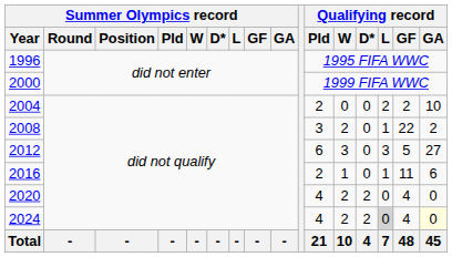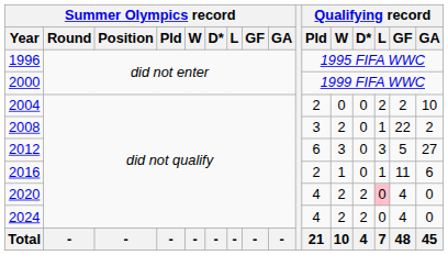 <table class="wikitable" style="text-align: center;">
 <tr>
 <th colspan=9><a href='#'>Summer Olympics</a> record</th>
 <th rowspan=12></th>
 <th colspan=6><a href='#'>Qualifying</a> record</th>
 </tr>
 <tr>
 <th>Year</th>
 <th>Round</th>
 <th>Position</th>
 <th>Pld</th>
 <th>W</th>
 <th>D*</th>
 <th>L</th>
 <th>GF</th>
 <th>GA</th>
 <th>Pld</th>
 <th>W</th>
 <th>D*</th>
 <th>L</th>
 <th>GF</th>
 <th>GA</th>
 </tr>
 <tr>
 <td> <a href='#'>1996</a></td>
 <td colspan=8 rowspan=2><em>did not enter</em></td>
 <td colspan=6><em><a href='#'>1995 FIFA WWC</a></em></td>
 </tr>
 <tr>
 <td> <a href='#'>2000</a></td>
 <td colspan=6><em><a href='#'>1999 FIFA WWC</a></em></td>
 </tr>
 <tr>
 <td> <a href='#'>2004</a></td>
 <td colspan=8 rowspan=6><em>did not qualify</em></td>
 <td>2</td>
 <td>0</td>
 <td>0</td>
 <td>2</td>
 <td>2</td>
 <td>10</td>
 </tr>
 <tr>
 <td> <a href='#'>2008</a></td>
 <td>3</td>
 <td>2</td>
 <td>0</td>
 <td>1</td>
 <td>22</td>
 <td>2</td>
 </tr>
 <tr>
 <td> <a href='#'>2012</a></td>
 <td>6</td>
 <td>3</td>
 <td>0</td>
 <td>3</td>
 <td>5</td>
 <td>27</td>
 </tr>
 <tr>
 <td> <a href='#'>2016</a></td>
 <td>2</td>
 <td>1</td>
 <td>0</td>
 <td>1</td>
 <td>11</td>
 <td>6</td>
 </tr>
 <tr>
 <td> <a href='#'>2020</a></td>
 <td>4</td>
 <td>2</td>
 <td>2</td>
-<td>0</td>
+<td style="background: pink;">0</td>
 <td>4</td>
 <td>0</td>
 </tr>
 <tr>
 <td> <a href='#'>2024</a></td>
 <td>4</td>
 <td>2</td>
 <td>2</td>
-<td style="background: lightgrey;">0</td>
+<td>0</td>
 <td>4</td>
-<td style="background: lightyellow;">0</td>
+<td>0</td>
 </tr>
 <tr>
 <th>Total</th>
 <th>-</th>
 <th>-</th>
 <th>-</th>
 <th>-</th>
 <th>-</th>
 <th>-</th>
 <th>-</th>
 <th>-</th>
 <th>21</th>
 <th>10</th>
 <th>4</th>
 <th>7</th>
 <th>48</th>
 <th>45</th>
 </tr>
 </table>
